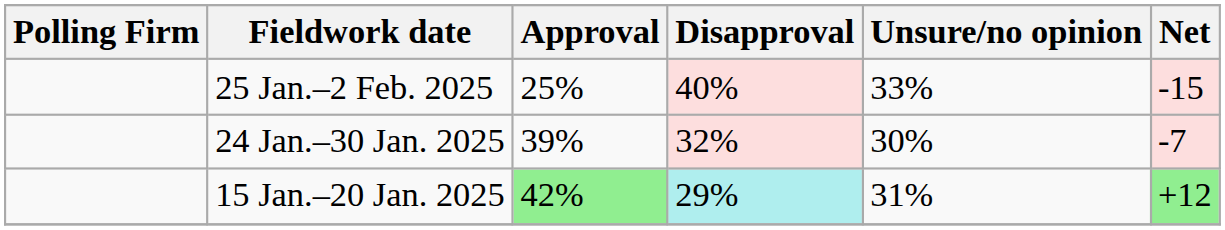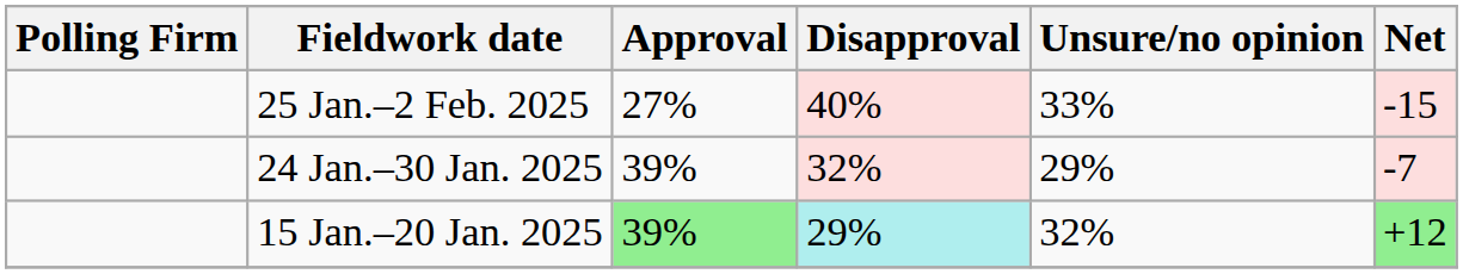 <table class="wikitable sortable">
 <tr>
 </tr>
 <tr>
 <th>Polling Firm</th>
 <th>Fieldwork date</th>
 <th>Approval</th>
 <th>Disapproval</th>
 <th>Unsure/no opinion</th>
 <th>Net</th>
 </tr>
 <tr>
 <td rowspan="1" style="padding:5px;"></td>
 <td>25 Jan.–2 Feb. 2025</td>
-<td>25%</td>
+<td>27%</td>
 <td style="background: #FDDEDE; color: Black">40%</td>
 <td>33%</td>
 <td style="background: #FDDEDE; color: Black">-15</td>
 </tr>
 <tr>
 <td rowspan="1" style="padding:5px;"></td>
 <td>24 Jan.–30 Jan. 2025</td>
 <td>39%</td>
 <td style="background: #FDDEDE; color: Black">32%</td>
-<td>30%</td>
+<td>29%</td>
 <td style="background: #FDDEDE; color: Black">-7</td>
 </tr>
 <tr>
 <td rowspan="1" style="padding:5px;"></td>
 <td>15 Jan.–20 Jan. 2025</td>
-<td style="background: #90EE90; color: Black">42%</td>
+<td style="background: #90EE90; color: Black">39%</td>
 <td style="background: paleturquoise;">29%</td>
-<td>31%</td>
+<td>32%</td>
 <td style="background: #90EE90; color: Black">+12</td>
 </tr>
 <tr>
 </tr>
 </table>
